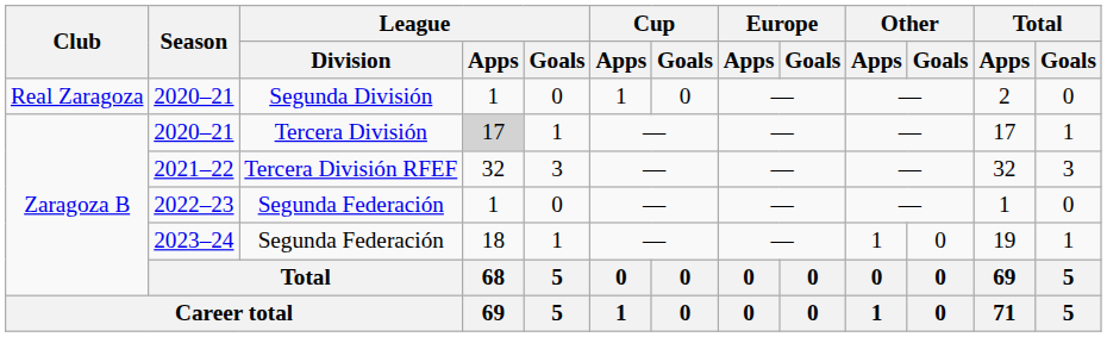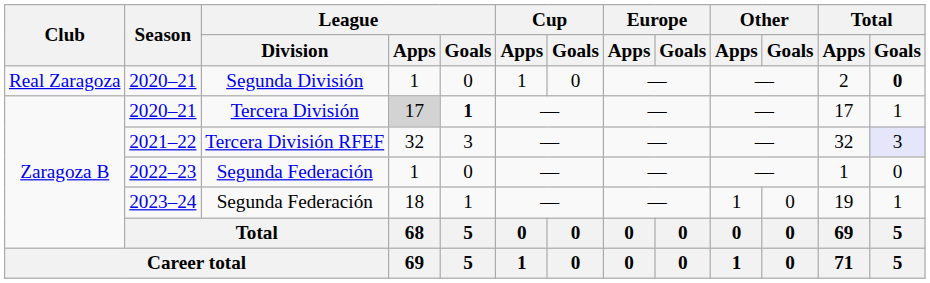 <table class="wikitable" style="text-align: center">
 <tr>
 <th rowspan="2">Club</th>
 <th rowspan="2">Season</th>
 <th colspan="3">League</th>
 <th colspan="2">Cup</th>
 <th colspan="2">Europe</th>
 <th colspan="2">Other</th>
 <th colspan="2">Total</th>
 </tr>
 <tr>
 <th>Division</th>
 <th>Apps</th>
 <th>Goals</th>
 <th>Apps</th>
 <th>Goals</th>
 <th>Apps</th>
 <th>Goals</th>
 <th>Apps</th>
 <th>Goals</th>
 <th>Apps</th>
 <th>Goals</th>
 </tr>
 <tr>
 <td><a href='#'>Real Zaragoza</a></td>
 <td><a href='#'>2020–21</a></td>
 <td><a href='#'>Segunda División</a></td>
 <td>1</td>
 <td>0</td>
 <td>1</td>
 <td>0</td>
 <td colspan="2">—</td>
 <td colspan="2">—</td>
 <td>2</td>
-<td>0</td>
+<td><strong>0</strong></td>
 </tr>
 <tr>
 <td rowspan="5"><a href='#'>Zaragoza B</a></td>
 <td><a href='#'>2020–21</a></td>
 <td><a href='#'>Tercera División</a></td>
 <td style="background: lightgrey;">17</td>
-<td>1</td>
+<td><strong>1</strong></td>
 <td colspan="2">—</td>
 <td colspan="2">—</td>
 <td colspan="2">—</td>
 <td>17</td>
 <td>1</td>
 </tr>
 <tr>
 <td><a href='#'>2021–22</a></td>
 <td><a href='#'>Tercera División RFEF</a></td>
 <td>32</td>
 <td>3</td>
 <td colspan="2">—</td>
 <td colspan="2">—</td>
 <td colspan="2">—</td>
 <td>32</td>
-<td>3</td>
+<td style="background: lavender;">3</td>
 </tr>
 <tr>
 <td><a href='#'>2022–23</a></td>
 <td><a href='#'>Segunda Federación</a></td>
 <td>1</td>
 <td>0</td>
 <td colspan="2">—</td>
 <td colspan="2">—</td>
 <td colspan="2">—</td>
 <td>1</td>
 <td>0</td>
 </tr>
 <tr>
 <td><a href='#'>2023–24</a></td>
 <td>Segunda Federación</td>
 <td>18</td>
 <td>1</td>
 <td colspan="2">—</td>
 <td colspan="2">—</td>
 <td>1</td>
 <td>0</td>
 <td>19</td>
 <td>1</td>
 </tr>
 <tr>
 <th colspan="2">Total</th>
 <th>68</th>
 <th>5</th>
 <th>0</th>
 <th>0</th>
 <th>0</th>
 <th>0</th>
 <th>0</th>
 <th>0</th>
 <th>69</th>
 <th>5</th>
 </tr>
 <tr>
 <th colspan="3">Career total</th>
 <th>69</th>
 <th>5</th>
 <th>1</th>
 <th>0</th>
 <th>0</th>
 <th>0</th>
 <th>1</th>
 <th>0</th>
 <th>71</th>
 <th>5</th>
 </tr>
 </table>
